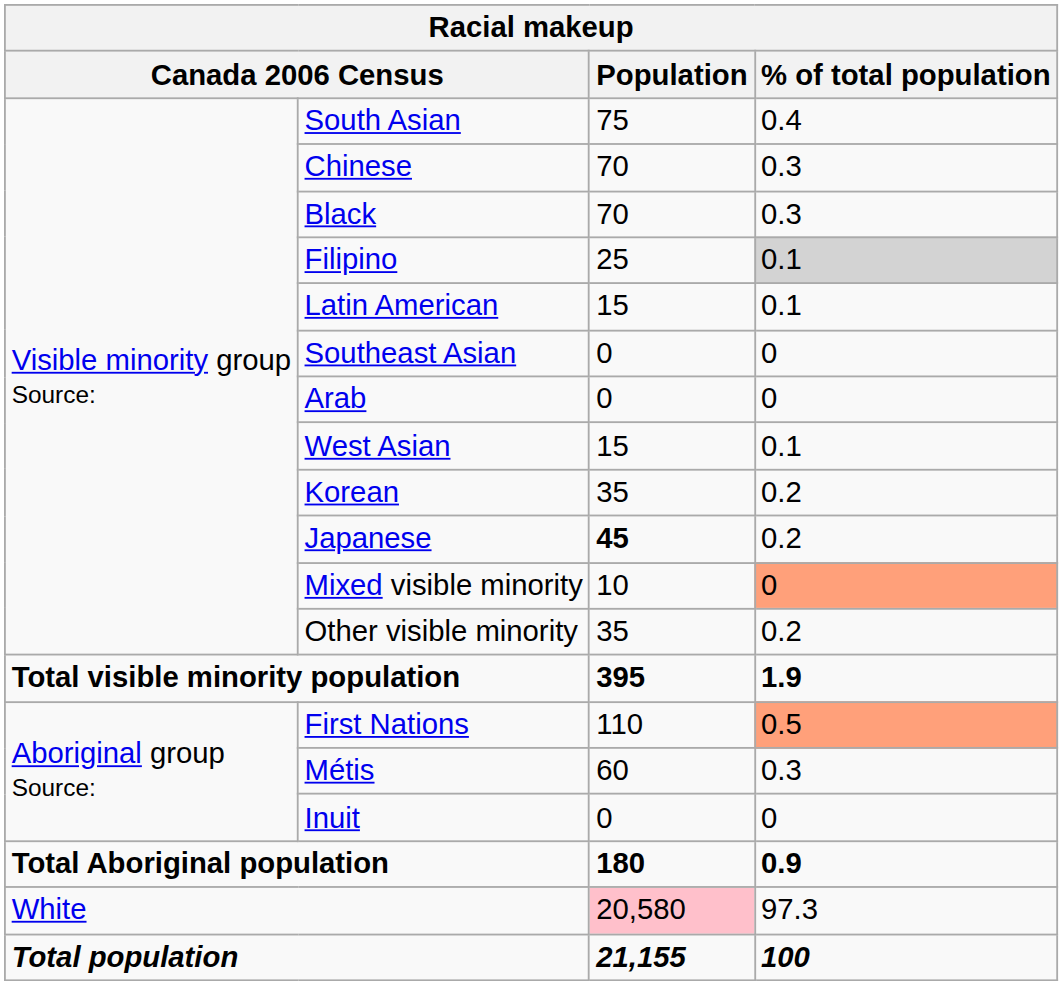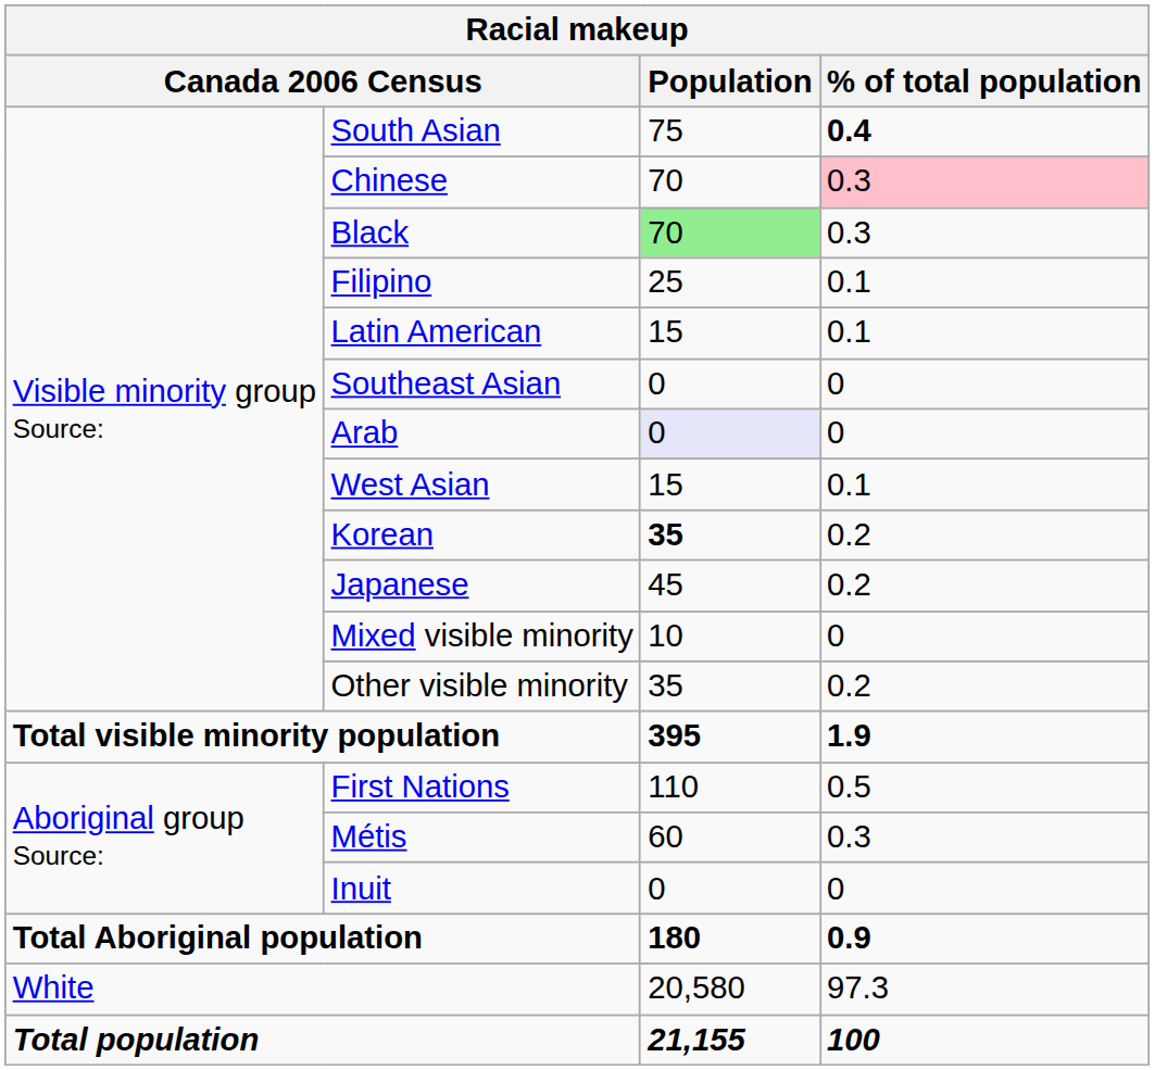 <table class="wikitable">
 <tr>
 <th colspan=4>Racial makeup</th>
 </tr>
 <tr>
 <th colspan="2">Canada 2006 Census</th>
 <th>Population</th>
 <th>% of total population</th>
 </tr>
 <tr>
 <td rowspan="12"><a href='#'>Visible minority</a> group<br><small>Source:</small></td>
 <td><a href='#'>South Asian</a></td>
 <td>75</td>
-<td>0.4</td>
+<td><strong>0.4</strong></td>
 </tr>
 <tr>
 <td><a href='#'>Chinese</a></td>
 <td>70</td>
-<td>0.3</td>
+<td style="background: pink;">0.3</td>
 </tr>
 <tr>
 <td><a href='#'>Black</a></td>
-<td>70</td>
+<td style="background: lightgreen;">70</td>
 <td>0.3</td>
 </tr>
 <tr>
 <td><a href='#'>Filipino</a></td>
 <td>25</td>
-<td style="background: lightgrey;">0.1</td>
+<td>0.1</td>
 </tr>
 <tr>
 <td><a href='#'>Latin American</a></td>
 <td>15</td>
 <td>0.1</td>
 </tr>
 <tr>
 <td><a href='#'>Southeast Asian</a></td>
 <td>0</td>
 <td>0</td>
 </tr>
 <tr>
 <td><a href='#'>Arab</a></td>
-<td>0</td>
+<td style="background: lavender;">0</td>
 <td>0</td>
 </tr>
 <tr>
 <td><a href='#'>West Asian</a></td>
 <td>15</td>
 <td>0.1</td>
 </tr>
 <tr>
 <td><a href='#'>Korean</a></td>
-<td>35</td>
+<td><strong>35</strong></td>
 <td>0.2</td>
 </tr>
 <tr>
 <td><a href='#'>Japanese</a></td>
-<td><strong>45</strong></td>
+<td>45</td>
 <td>0.2</td>
 </tr>
 <tr>
 <td><a href='#'>Mixed</a> visible minority</td>
 <td>10</td>
-<td style="background: lightsalmon;">0</td>
+<td>0</td>
 </tr>
 <tr>
 <td>Other visible minority</td>
 <td>35</td>
 <td>0.2</td>
 </tr>
 <tr>
 <td colspan="2"><strong>Total visible minority population</strong></td>
 <td><strong>395</strong></td>
 <td><strong>1.9</strong></td>
 </tr>
 <tr>
 <td rowspan="3"><a href='#'>Aboriginal</a> group<br><small>Source:</small></td>
 <td><a href='#'>First Nations</a></td>
 <td>110</td>
-<td style="background: lightsalmon;">0.5</td>
+<td>0.5</td>
 </tr>
 <tr>
 <td><a href='#'>Métis</a></td>
 <td>60</td>
 <td>0.3</td>
 </tr>
 <tr>
 <td><a href='#'>Inuit</a></td>
 <td>0</td>
 <td>0</td>
 </tr>
 <tr>
 <td colspan="2"><strong>Total Aboriginal population</strong></td>
 <td><strong>180</strong></td>
 <td><strong>0.9</strong></td>
 </tr>
 <tr>
 <td colspan="2"><a href='#'>White</a></td>
-<td style="background: pink;">20,580</td>
+<td>20,580</td>
 <td>97.3</td>
 </tr>
 <tr>
 <td colspan="2"><strong><em>Total population</em></strong></td>
 <td><strong><em>21,155</em></strong></td>
 <td><strong><em>100</em></strong></td>
 </tr>
 </table>
